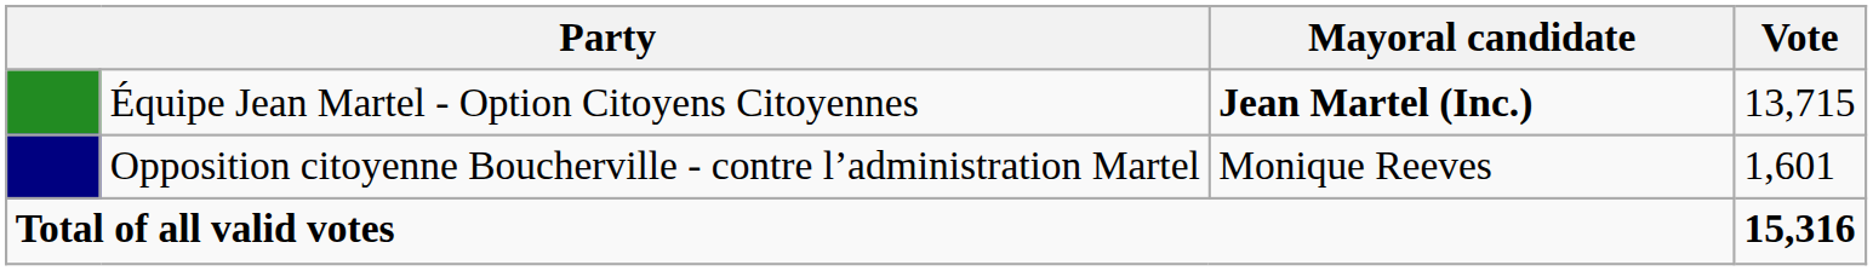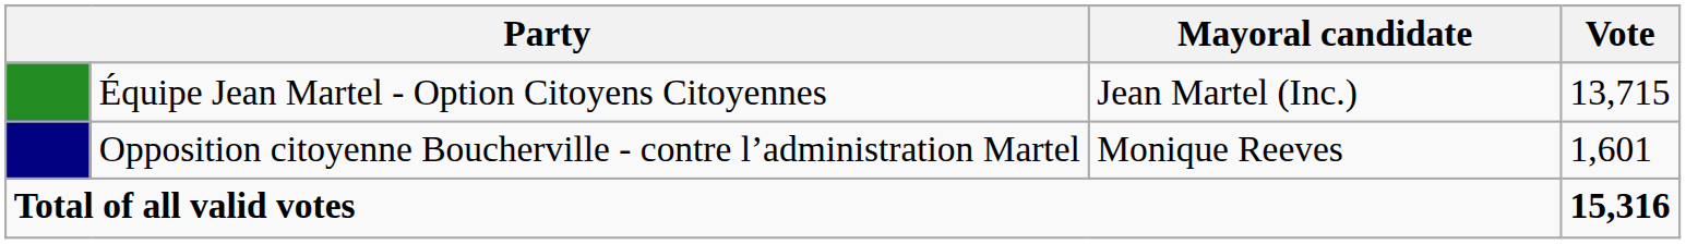 <table class="wikitable">
 <tr>
 <th bgcolor="#DDDDFF" width="230px" colspan="2">Party</th>
 <th bgcolor="#DDDDFF" width="200px">Mayoral candidate</th>
 <th bgcolor="#DDDDFF" width="30px">Vote</th>
 </tr>
 <tr>
 <td bgcolor="#228B22" width="30px"> </td>
 <td>Équipe Jean Martel - Option Citoyens Citoyennes</td>
-<td><strong>Jean Martel (Inc.)</strong></td>
+<td>Jean Martel (Inc.)</td>
 <td>13,715</td>
 </tr>
 <tr>
 <td bgcolor="#000080" width="30px"> </td>
 <td>Opposition citoyenne Boucherville - contre l’administration Martel</td>
 <td>Monique Reeves</td>
 <td>1,601</td>
 </tr>
 <tr>
 <td colspan="3"><strong>Total of all valid votes</strong></td>
 <td><strong>15,316</strong></td>
 </tr>
 </table>
